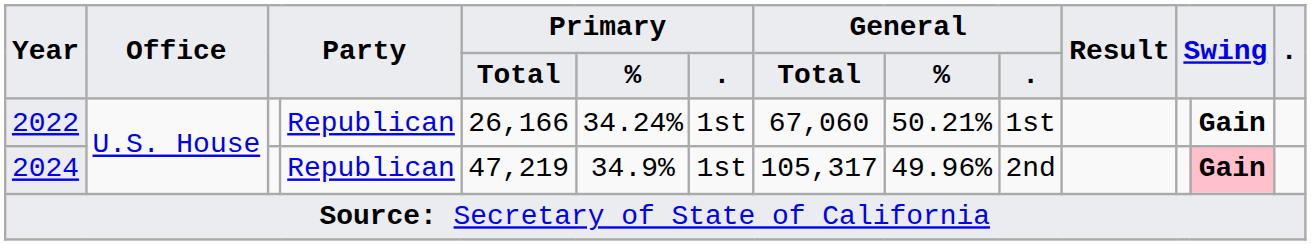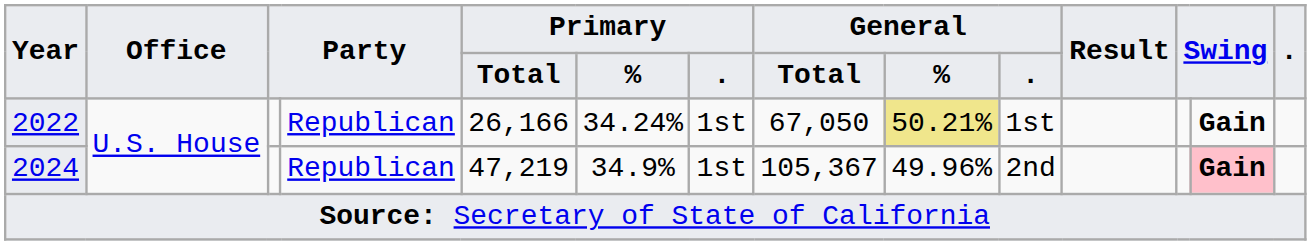 <table class="wikitable" style="font-size:90%; text-align:center;">
 <tr>
 <th style="background-color:#EAECF0;" rowspan=2>Year</th>
 <th style="background-color:#EAECF0;" rowspan=2>Office</th>
 <th style="background-color:#EAECF0;" colspan=2 rowspan=2>Party</th>
 <th style="background-color:#EAECF0;" colspan=3>Primary</th>
 <th style="background-color:#EAECF0;" colspan=3>General</th>
 <th style="background-color:#EAECF0;" rowspan=2>Result</th>
 <th style="background-color:#EAECF0;" colspan=2 rowspan=2><a href='#'>Swing</a></th>
 <th style="background-color:#EAECF0;" rowspan=2>.</th>
 </tr>
 <tr>
 <th style="background-color:#EAECF0;">Total</th>
 <th style="background-color:#EAECF0;">%</th>
 <th style="background-color:#EAECF0;">.</th>
 <th style="background-color:#EAECF0;">Total</th>
 <th style="background-color:#EAECF0;">%</th>
 <th style="background-color:#EAECF0;">.</th>
 </tr>
 <tr>
 <td style="background-color:#EAECF0;"><a href='#'>2022</a></td>
 <td rowspan="2"><a href='#'>U.S. House</a></td>
 <td style="background-color:"></td>
 <td><a href='#'>Republican</a></td>
 <td>26,166</td>
 <td>34.24%</td>
 <td>1st</td>
-<td>67,060</td>
-<td>50.21%</td>
+<td>67,050</td>
+<td style="background: khaki;">50.21%</td>
 <td>1st</td>
 <td></td>
 <td style="background-color:"></td>
 <td><strong>Gain</strong></td>
 <td></td>
 </tr>
 <tr>
 <td style="background-color:#EAECF0;"><a href='#'>2024</a></td>
 <td style="background-color:"></td>
 <td><a href='#'>Republican</a></td>
 <td>47,219</td>
 <td>34.9%</td>
 <td>1st</td>
-<td>105,317</td>
+<td>105,367</td>
 <td>49.96%</td>
 <td>2nd</td>
 <td></td>
 <td style="background-color:"></td>
 <td style="background: pink;"><strong>Gain</strong></td>
 <td></td>
 </tr>
 <tr>
 <td style="background-color:#EAECF0;" colspan=14><strong>Source:</strong> <a href='#'>Secretary of State of California</a>  </td>
 </tr>
 </table>
